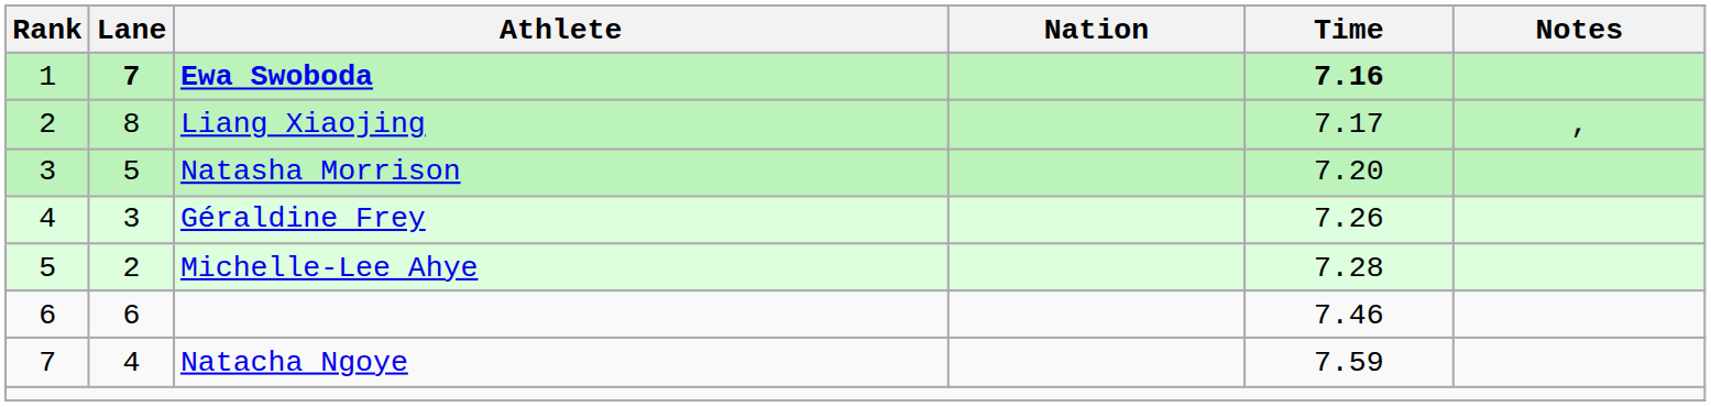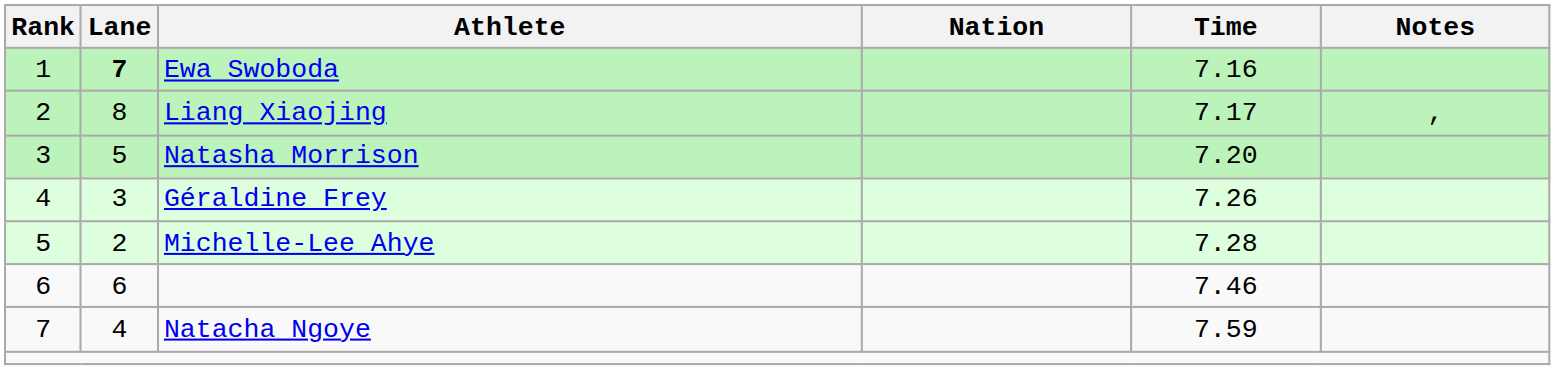 <table class="wikitable sortable" style="text-align:center;width: 60%;">
 <tr>
 <th scope="col" style="width: 10px;">Rank</th>
 <th scope="col" style="width: 10px;">Lane</th>
 <th scope="col">Athlete</th>
 <th scope="col">Nation</th>
 <th scope="col">Time</th>
 <th scope="col">Notes</th>
 </tr>
 <tr bgcolor=bbf3bb>
 <td>1</td>
 <td><strong>7</strong></td>
-<td align=left><strong><a href='#'>Ewa Swoboda</a></strong></td>
+<td align=left><a href='#'>Ewa Swoboda</a></td>
 <td align=left></td>
-<td><strong>7.16</strong></td>
+<td>7.16</td>
 <td></td>
 </tr>
 <tr bgcolor=bbf3bb>
 <td>2</td>
 <td>8</td>
 <td align=left><a href='#'>Liang Xiaojing</a></td>
 <td align=left></td>
 <td>7.17</td>
 <td>, </td>
 </tr>
 <tr bgcolor=bbf3bb>
 <td>3</td>
 <td>5</td>
 <td align=left><a href='#'>Natasha Morrison</a></td>
 <td align=left></td>
 <td>7.20</td>
 <td></td>
 </tr>
 <tr bgcolor=ddffdd>
 <td>4</td>
 <td>3</td>
 <td align=left><a href='#'>Géraldine Frey</a></td>
 <td align=left></td>
 <td>7.26</td>
 <td></td>
 </tr>
 <tr bgcolor=ddffdd>
 <td>5</td>
 <td>2</td>
 <td align=left><a href='#'>Michelle-Lee Ahye</a></td>
 <td align=left></td>
 <td>7.28</td>
 <td></td>
 </tr>
 <tr>
 <td>6</td>
 <td>6</td>
 <td align=left></td>
 <td align=left></td>
 <td>7.46</td>
 <td></td>
 </tr>
 <tr>
 <td>7</td>
 <td>4</td>
 <td align=left><a href='#'>Natacha Ngoye</a></td>
 <td align=left></td>
 <td>7.59</td>
 <td></td>
 </tr>
 <tr class="sortbottom">
 <td colspan="6"></td>
 </tr>
 </table>
